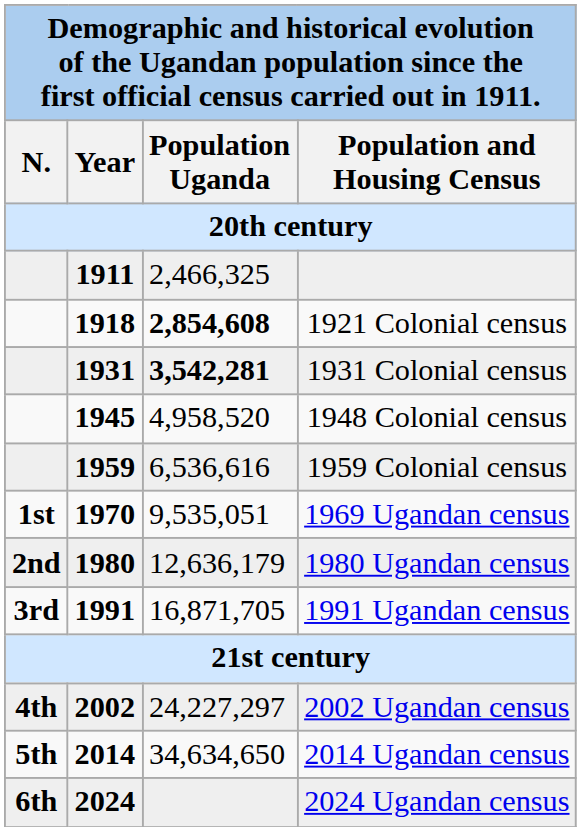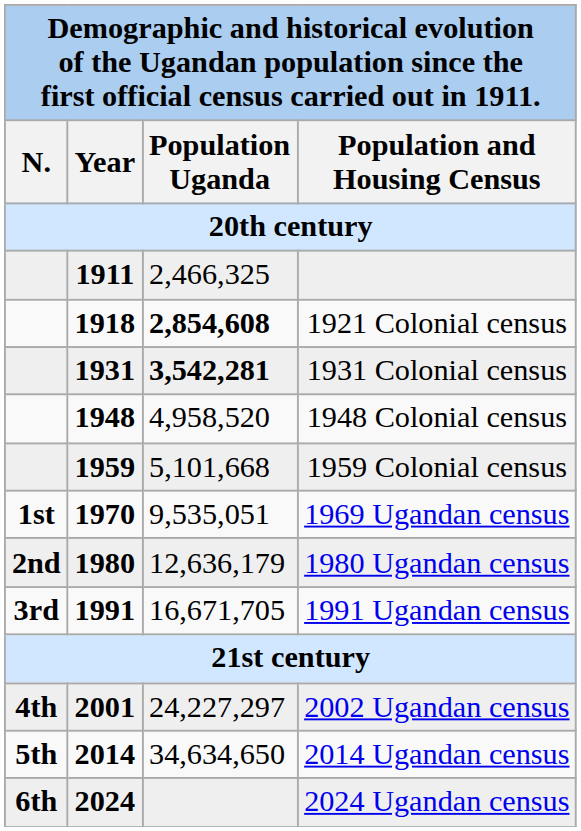 <table class="wikitable">
 <tr>
 <th colspan= "4" style="text-align:center; background:#abcdef;">Demographic and historical evolution <br>of the Ugandan population since the <br> first official census carried out in 1911.</th>
 </tr>
 <tr>
 <th>N.</th>
 <th>Year</th>
 <th>Population<br> Uganda</th>
 <th>Population and <br> Housing Census</th>
 </tr>
 <tr align="center">
 <td colspan="4" style="background:#D0E7FF"><strong>20th century</strong></td>
 </tr>
 <tr align="center" style="background:#efefef; color:black">
 <td><strong></strong></td>
 <td><strong>1911</strong></td>
 <td align="left"> 2,466,325</td>
 <td></td>
 </tr>
 <tr align="center">
 <td><strong></strong></td>
 <td><strong>1918</strong></td>
 <td align="left"><strong> 2,854,608</strong></td>
 <td>1921 Colonial census</td>
 </tr>
 <tr align="center" style="background:#efefef; color:black">
 <td><strong></strong></td>
 <td><strong>1931</strong></td>
 <td align="left"><strong> 3,542,281</strong></td>
 <td>1931 Colonial census</td>
 </tr>
 <tr align="center">
 <td><strong></strong></td>
-<td><strong>1945</strong></td>
+<td><strong>1948</strong></td>
 <td align="left"> 4,958,520</td>
 <td>1948 Colonial census</td>
 </tr>
 <tr align="center" style="background:#efefef; color:black">
 <td><strong></strong></td>
 <td><strong>1959</strong></td>
-<td align="left"> 6,536,616</td>
+<td align="left"> 5,101,668</td>
 <td>1959 Colonial census</td>
 </tr>
 <tr align="center">
 <td><strong>1st</strong></td>
 <td><strong>1970</strong></td>
 <td align="left"> 9,535,051</td>
 <td><a href='#'>1969 Ugandan census</a></td>
 </tr>
 <tr align="center" style="background:#efefef; color:black">
 <td><strong>2nd</strong></td>
 <td><strong>1980</strong></td>
 <td align="left"> 12,636,179</td>
 <td><a href='#'>1980 Ugandan census</a></td>
 </tr>
 <tr align="center">
 <td><strong>3rd</strong></td>
 <td><strong>1991</strong></td>
-<td align="left"> 16,871,705</td>
+<td align="left"> 16,671,705</td>
 <td><a href='#'>1991 Ugandan census</a></td>
 </tr>
 <tr align="center">
 <td colspan="4" style="background:#D0E7FF"><strong>21st century</strong></td>
 </tr>
 <tr align="center" style="background:#efefef; color:black">
 <td><strong>4th</strong></td>
-<td><strong>2002</strong></td>
+<td><strong>2001</strong></td>
 <td align="left"> 24,227,297</td>
 <td><a href='#'>2002 Ugandan census</a></td>
 </tr>
 <tr align="center">
 <td><strong>5th</strong></td>
 <td><strong>2014</strong></td>
 <td align="left"> 34,634,650</td>
 <td><a href='#'>2014 Ugandan census</a></td>
 </tr>
 <tr align="center" style="background:#efefef; color:black">
 <td><strong>6th</strong></td>
 <td><strong>2024</strong></td>
 <td align="left"></td>
 <td><a href='#'>2024 Ugandan census</a></td>
 </tr>
 </table>
